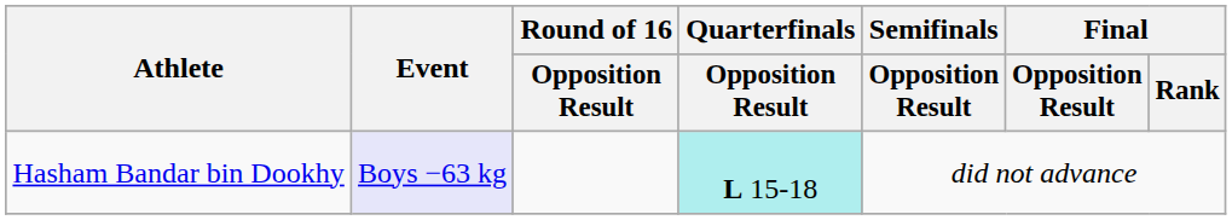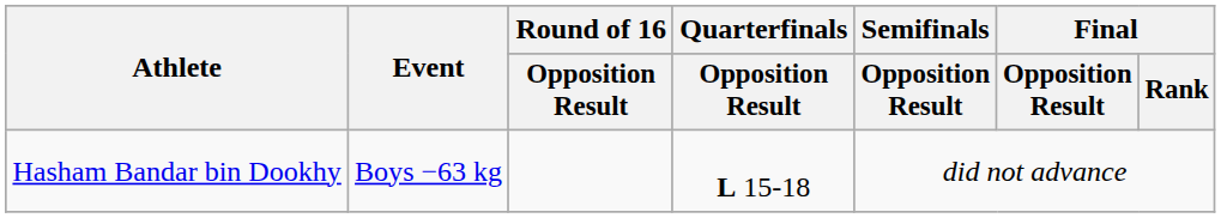 <table class="wikitable" style="font-size:90%;">
 <tr>
 <th rowspan=2>Athlete</th>
 <th rowspan=2>Event</th>
 <th>Round of 16</th>
 <th>Quarterfinals</th>
 <th>Semifinals</th>
 <th colspan=2>Final</th>
 </tr>
 <tr style="font-size:95%">
 <th>Opposition<br>Result</th>
 <th>Opposition<br>Result</th>
 <th>Opposition<br>Result</th>
 <th>Opposition<br>Result</th>
 <th>Rank</th>
 </tr>
 <tr align=center>
 <td align=left><a href='#'>Hasham Bandar bin Dookhy</a></td>
-<td align=left style="background: lavender;"><a href='#'>Boys −63 kg</a></td>
+<td align=left><a href='#'>Boys −63 kg</a></td>
 <td></td>
-<td style="background: paleturquoise;"><br> <strong>L</strong> 15-18</td>
+<td><br> <strong>L</strong> 15-18</td>
 <td Colspan=3><em>did not advance</em></td>
 </tr>
 </table>
